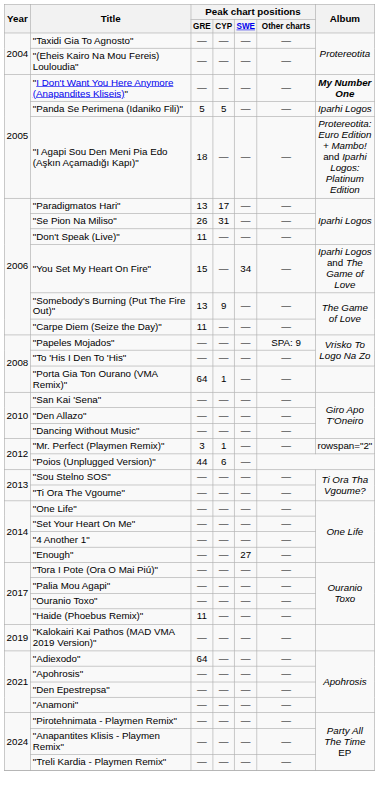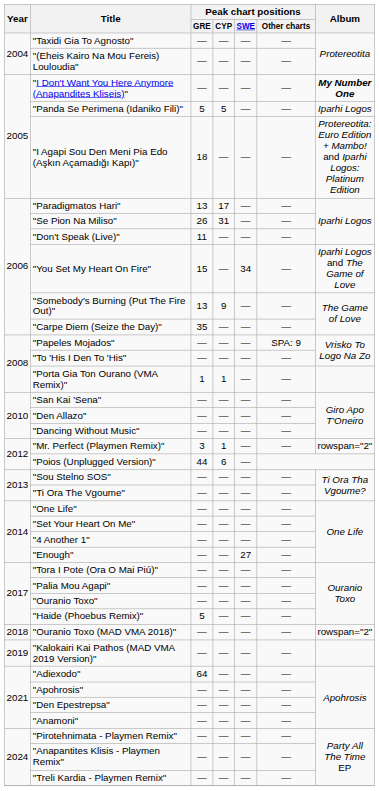 <table class="wikitable" style="text-align:center;">
 <tr>
 <th rowspan="2">Year</th>
 <th scope="col" rowspan="2" style="width:20em;">Title</th>
 <th colspan="4">Peak chart positions</th>
 <th rowspan="2">Album</th>
 </tr>
 <tr style="font-size:smaller">
 <th width="30">GRE</th>
 <th width="30">CYP</th>
 <th width="30"><a href='#'>SWE</a> <br></th>
 <th width="110">Other charts</th>
 </tr>
 <tr>
 <td rowspan="2">2004</td>
 <td align="left">"Taxidi Gia To Agnosto"</td>
 <td>—</td>
 <td>—</td>
 <td>—</td>
 <td>—</td>
 <td rowspan="2"><em>Protereotita</em></td>
 </tr>
 <tr>
 <td align="left">"(Eheis Kairo Na Mou Fereis) Louloudia"</td>
 <td>—</td>
 <td>—</td>
 <td>—</td>
 <td>—</td>
 </tr>
 <tr>
 <td rowspan="3">2005</td>
 <td align="left">"<a href='#'>I Don't Want You Here Anymore (Anapandites Kliseis)</a>"</td>
 <td>—</td>
 <td>—</td>
 <td>—</td>
 <td>—</td>
 <td><strong><em>My Number One</em></strong></td>
 </tr>
 <tr>
 <td align="left">"Panda Se Perimena (Idaniko Fili)"</td>
 <td>5</td>
 <td>5</td>
 <td>—</td>
 <td>—</td>
 <td><em>Iparhi Logos</em></td>
 </tr>
 <tr>
 <td align="left">"I Agapi Sou Den Meni Pia Edo (Aşkın Açamadığı Kapı)"</td>
 <td>18</td>
 <td>—</td>
 <td>—</td>
 <td>—</td>
 <td><em>Protereotita: Euro Edition + Mambo!</em> and <em>Iparhi Logos: Platinum Edition</em></td>
 </tr>
 <tr>
 <td rowspan="6">2006</td>
 <td align="left">"Paradigmatos Hari"</td>
 <td>13</td>
 <td>17</td>
 <td>—</td>
 <td>—</td>
 <td rowspan="3"><em>Iparhi Logos</em></td>
 </tr>
 <tr>
 <td align="left">"Se Pion Na Miliso"</td>
 <td>26</td>
 <td>31</td>
 <td>—</td>
 <td>—</td>
 </tr>
 <tr>
 <td align="left">"Don't Speak (Live)"</td>
 <td>11</td>
 <td>—</td>
 <td>—</td>
 <td>—</td>
 </tr>
 <tr>
 <td align="left">"You Set My Heart On Fire"</td>
 <td>15</td>
 <td>—</td>
 <td>34</td>
 <td>—</td>
 <td><em>Iparhi Logos</em> and <em>The Game of Love</em></td>
 </tr>
 <tr>
 <td align="left">"Somebody's Burning (Put The Fire Out)"</td>
 <td>13</td>
 <td>9</td>
 <td>—</td>
 <td>—</td>
 <td rowspan="2"><em>The Game of Love</em></td>
 </tr>
 <tr>
 <td align="left">"Carpe Diem (Seize the Day)"</td>
-<td>11</td>
+<td>35</td>
 <td>—</td>
 <td>—</td>
 <td>—</td>
 </tr>
 <tr>
 <td rowspan="3">2008</td>
 <td align="left">"Papeles Mojados" <br></td>
 <td>—</td>
 <td>—</td>
 <td>—</td>
 <td>SPA: 9</td>
 <td rowspan="2"><em>Vrisko To Logo Na Zo</em></td>
 </tr>
 <tr>
 <td align="left">"To 'His I Den To 'His"</td>
 <td>—</td>
 <td>—</td>
 <td>—</td>
 <td>—</td>
 </tr>
 <tr>
 <td align="left">"Porta Gia Ton Ourano (VMA Remix)"</td>
-<td>64</td>
+<td>1</td>
 <td>1</td>
 <td>—</td>
 <td>—</td>
 <td></td>
 </tr>
 <tr>
 <td rowspan="3">2010</td>
 <td align="left">"San Kai 'Sena"</td>
 <td>—</td>
 <td>—</td>
 <td>—</td>
 <td>—</td>
 <td rowspan="3"><em>Giro Apo T'Oneiro</em></td>
 </tr>
 <tr>
 <td align="left">"Den Allazo"</td>
 <td>—</td>
 <td>—</td>
 <td>—</td>
 <td>—</td>
 </tr>
 <tr>
 <td align="left">"Dancing Without Music"</td>
 <td>—</td>
 <td>—</td>
 <td>—</td>
 <td>—</td>
 </tr>
 <tr>
 <td rowspan="2">2012</td>
 <td align="left">"Mr. Perfect (Playmen Remix)"</td>
 <td>3</td>
 <td>1</td>
 <td>—</td>
 <td>—</td>
 <td>rowspan="2" </td>
 </tr>
 <tr>
 <td align="left">"Poios (Unplugged Version)"</td>
 <td>44</td>
 <td>6</td>
 <td>—</td>
 </tr>
 <tr>
 <td rowspan="2">2013</td>
 <td align="left">"Sou Stelno SOS"</td>
 <td>—</td>
 <td>—</td>
 <td>—</td>
 <td>—</td>
 <td rowspan="2"><em>Ti Ora Tha Vgoume?</em></td>
 </tr>
 <tr>
 <td align="left">"Ti Ora The Vgoume"</td>
 <td>—</td>
 <td>—</td>
 <td>—</td>
 <td>—</td>
 </tr>
 <tr>
 <td rowspan="4">2014</td>
 <td align="left">"One Life"</td>
 <td>—</td>
 <td>—</td>
 <td>—</td>
 <td>—</td>
 <td rowspan="4"><em>One Life</em></td>
 </tr>
 <tr>
 <td align="left">"Set Your Heart On Me"</td>
 <td>—</td>
 <td>—</td>
 <td>—</td>
 <td>—</td>
 </tr>
 <tr>
 <td align="left">"4 Another 1"</td>
 <td>—</td>
 <td>—</td>
 <td>—</td>
 <td>—</td>
 </tr>
 <tr>
 <td align="left">"Enough" <br></td>
 <td>—</td>
 <td>—</td>
 <td>27</td>
 <td>—</td>
 </tr>
 <tr>
 <td rowspan="4">2017</td>
 <td align="left">"Tora I Pote (Ora O Mai Piú)" <br></td>
 <td>—</td>
 <td>—</td>
 <td>—</td>
 <td>—</td>
 <td rowspan="4"><em>Ouranio Toxo</em></td>
 </tr>
 <tr>
 <td align="left">"Palia Mou Agapi" <br></td>
 <td>—</td>
 <td>—</td>
 <td>—</td>
 <td>—</td>
 </tr>
 <tr>
 <td align="left">"Ouranio Toxo" <br></td>
 <td>—</td>
 <td>—</td>
 <td>—</td>
 <td>—</td>
 </tr>
 <tr>
 <td align="left">"Haide (Phoebus Remix)"</td>
-<td>11</td>
+<td>5</td>
 <td>—</td>
 <td>—</td>
 <td>—</td>
+</tr>
+<tr>
+<td>2018</td>
+<td align="left">"Ouranio Toxo (MAD VMA 2018)" <br></td>
+<td>—</td>
+<td>—</td>
+<td>—</td>
+<td>—</td>
+<td>rowspan="2" </td>
 </tr>
 <tr>
 <td>2019</td>
 <td align="left">"Kalokairi Kai Pathos (MAD VMA 2019 Version)" <br></td>
 <td>—</td>
 <td>—</td>
 <td>—</td>
 <td>—</td>
 </tr>
 <tr>
 <td rowspan="4">2021</td>
 <td align="left">"Adiexodo"</td>
 <td>64</td>
 <td>—</td>
 <td>—</td>
 <td>—</td>
 <td rowspan="4"><em>Apohrosis</em></td>
 </tr>
 <tr>
 <td align="left">"Apohrosis"</td>
 <td>—</td>
 <td>—</td>
 <td>—</td>
 <td>—</td>
 </tr>
 <tr>
 <td align="left">"Den Epestrepsa"</td>
 <td>—</td>
 <td>—</td>
 <td>—</td>
 <td>—</td>
 </tr>
 <tr>
 <td align="left">"Anamoni"</td>
 <td>—</td>
 <td>—</td>
 <td>—</td>
 <td>—</td>
 </tr>
 <tr>
 <td rowspan="3">2024</td>
 <td align="left">"Pirotehnimata - Playmen Remix"</td>
 <td>—</td>
 <td>—</td>
 <td>—</td>
 <td>—</td>
 <td rowspan="3"><em>Party All The Time</em> EP</td>
 </tr>
 <tr>
 <td align="left">"Anapantites Klisis - Playmen Remix"</td>
 <td>—</td>
 <td>—</td>
 <td>—</td>
 <td>—</td>
 </tr>
 <tr>
 <td align="left">"Treli Kardia - Playmen Remix"</td>
 <td>—</td>
 <td>—</td>
 <td>—</td>
 <td>—</td>
 </tr>
 <tr>
 </tr>
 </table>
